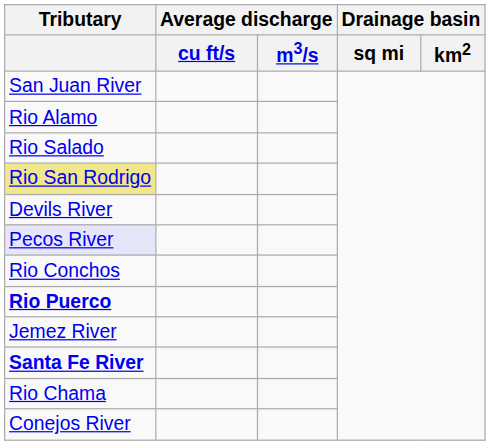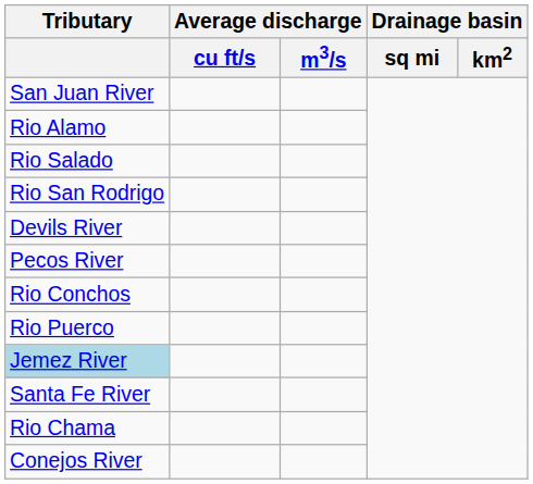 <table class="wikitable collapsible sortable state = uncollapsed">
 <tr>
 <th>Tributary</th>
 <th colspan=2>Average discharge</th>
 <th colspan=2>Drainage basin</th>
 </tr>
 <tr>
 <th></th>
 <th><a href='#'>cu ft/s</a></th>
 <th><a href='#'>m<sup>3</sup>/s</a></th>
 <th>sq mi</th>
 <th>km<sup>2</sup></th>
 </tr>
 <tr>
 <td><a href='#'>San Juan River</a></td>
 <td></td>
 <td></td>
 </tr>
 <tr>
 <td><a href='#'>Rio Alamo</a></td>
 <td></td>
 <td></td>
 </tr>
 <tr>
 <td><a href='#'>Rio Salado</a></td>
 <td></td>
 <td></td>
 </tr>
 <tr>
-<td style="background: khaki;"><a href='#'>Rio San Rodrigo</a></td>
+<td><a href='#'>Rio San Rodrigo</a></td>
 <td></td>
 <td></td>
 </tr>
 <tr>
 <td><a href='#'>Devils River</a></td>
 <td></td>
 <td></td>
 </tr>
 <tr>
-<td style="background: lavender;"><a href='#'>Pecos River</a></td>
+<td><a href='#'>Pecos River</a></td>
 <td></td>
 <td></td>
 </tr>
 <tr>
 <td><a href='#'>Rio Conchos</a></td>
 <td></td>
 <td></td>
 </tr>
 <tr>
-<td><strong><a href='#'>Rio Puerco</a></strong></td>
+<td><a href='#'>Rio Puerco</a></td>
 <td></td>
 <td></td>
 </tr>
 <tr>
-<td><a href='#'>Jemez River</a></td>
+<td style="background: lightblue;"><a href='#'>Jemez River</a></td>
 <td></td>
 <td></td>
 </tr>
 <tr>
-<td><strong><a href='#'>Santa Fe River</a></strong></td>
+<td><a href='#'>Santa Fe River</a></td>
 <td></td>
 <td></td>
 </tr>
 <tr>
 <td><a href='#'>Rio Chama</a></td>
 <td></td>
 <td></td>
 </tr>
 <tr>
 <td><a href='#'>Conejos River</a></td>
 <td></td>
 <td></td>
 </tr>
 </table>
